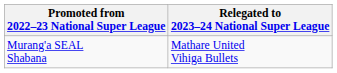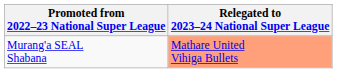 <table class="wikitable">
 <tr>
 <th>Promoted from<br><a href='#'>2022–23 National Super League</a></th>
 <th>Relegated to<br><a href='#'>2023–24 National Super League</a></th>
 </tr>
 <tr>
 <td><a href='#'>Murang'a SEAL</a><br><a href='#'>Shabana</a></td>
-<td><a href='#'>Mathare United</a><br><a href='#'>Vihiga Bullets</a></td>
+<td style="background: lightsalmon;"><a href='#'>Mathare United</a><br><a href='#'>Vihiga Bullets</a></td>
 </tr>
 </table>
